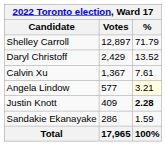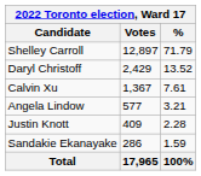 <table class="wikitable">
 <tr>
 <th colspan="3"><a href='#'>2022 Toronto election</a>, Ward 17</th>
 </tr>
 <tr>
 <th>Candidate</th>
 <th>Votes</th>
 <th><strong>%</strong></th>
 </tr>
 <tr>
 <td>Shelley Carroll</td>
 <td>12,897</td>
 <td>71.79</td>
 </tr>
 <tr>
 <td>Daryl Christoff</td>
 <td>2,429</td>
 <td>13.52</td>
 </tr>
 <tr>
 <td>Calvin Xu</td>
 <td>1,367</td>
 <td>7.61</td>
 </tr>
 <tr>
 <td>Angela Lindow</td>
 <td>577</td>
-<td style="background: lightyellow;">3.21</td>
+<td>3.21</td>
 </tr>
 <tr>
 <td>Justin Knott</td>
 <td>409</td>
-<td><strong>2.28</strong></td>
+<td>2.28</td>
 </tr>
 <tr>
 <td>Sandakie Ekanayake</td>
 <td>286</td>
 <td>1.59</td>
 </tr>
 <tr>
 <th>Total</th>
 <th>17,965</th>
 <th>100%</th>
 </tr>
 </table>
